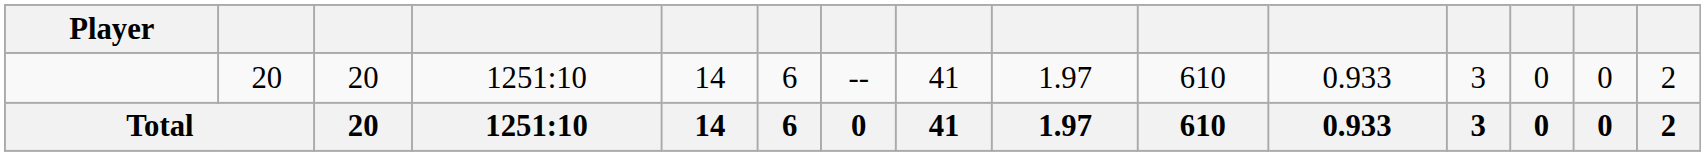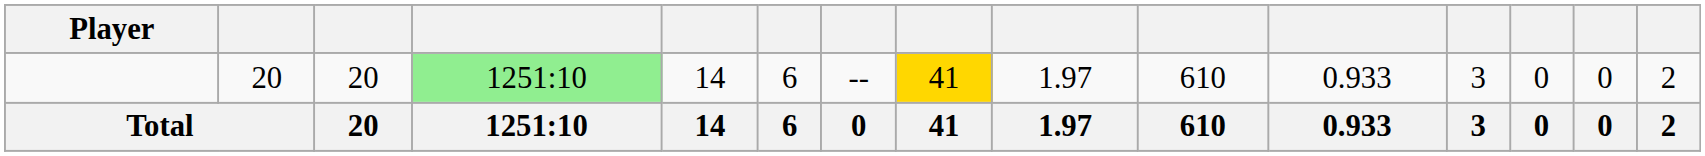 <table class="wikitable sortable" style="width:100%; text-align:center;">
 <tr>
 <th>Player</th>
 <th></th>
 <th></th>
 <th></th>
 <th></th>
 <th></th>
 <th></th>
 <th></th>
 <th></th>
 <th></th>
 <th></th>
 <th></th>
 <th></th>
 <th></th>
 <th></th>
 </tr>
 <tr>
 <td></td>
 <td>20</td>
 <td>20</td>
-<td>1251:10</td>
+<td style="background: lightgreen;">1251:10</td>
 <td>14</td>
 <td>6</td>
 <td>--</td>
-<td>41</td>
+<td style="background: gold;">41</td>
 <td>1.97</td>
 <td>610</td>
 <td>0.933</td>
 <td>3</td>
 <td>0</td>
 <td>0</td>
 <td>2</td>
 </tr>
 <tr class="sortbottom">
 <th colspan=2>Total</th>
 <th>20</th>
 <th>1251:10</th>
 <th>14</th>
 <th>6</th>
 <th>0</th>
 <th>41</th>
 <th>1.97</th>
 <th>610</th>
 <th>0.933</th>
 <th>3</th>
 <th>0</th>
 <th>0</th>
 <th>2</th>
 </tr>
 </table>
